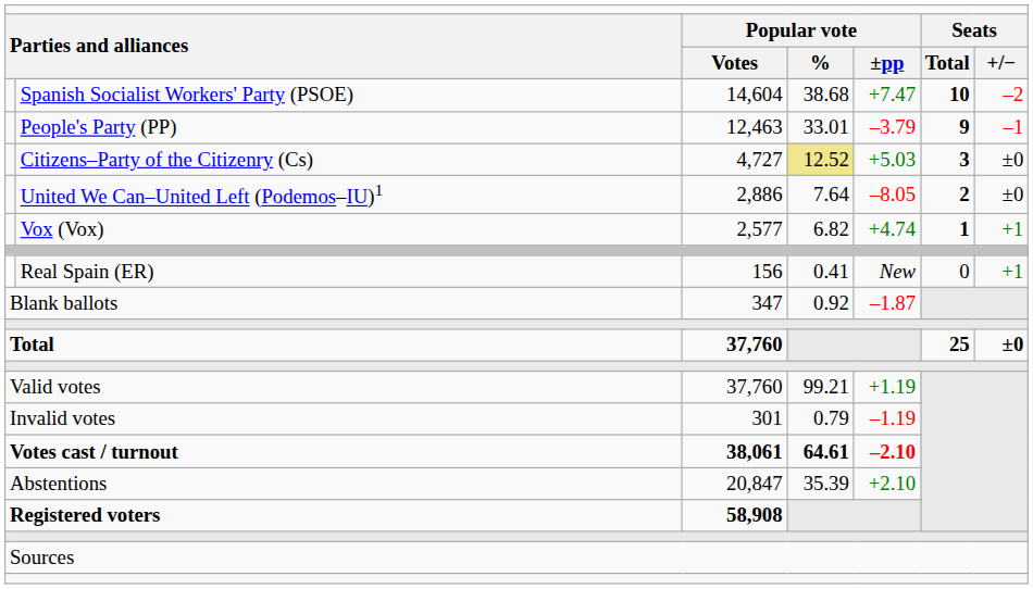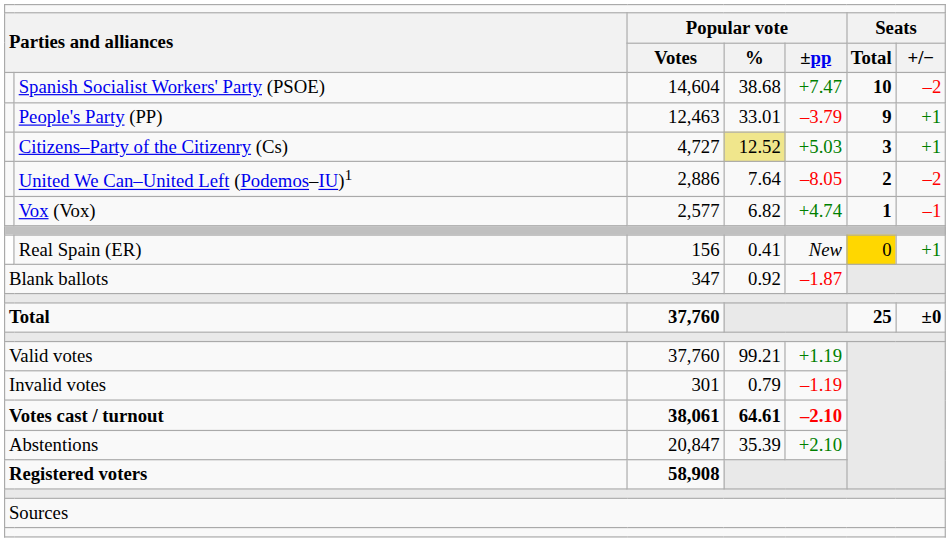 <table class="wikitable" style="text-align:right;">
 <tr>
 <td colspan="7"></td>
 </tr>
 <tr>
 <th style="text-align:left;" rowspan="2" colspan="2" width="525">Parties and alliances</th>
 <th colspan="3">Popular vote</th>
 <th colspan="2">Seats</th>
 </tr>
 <tr>
 <th width="75">Votes</th>
 <th width="45">%</th>
 <th width="45">±<a href='#'>pp</a></th>
 <th width="35">Total</th>
 <th width="35">+/−</th>
 </tr>
 <tr>
 <td width="1" style="color:inherit;background:"></td>
 <td align="left"><a href='#'>Spanish Socialist Workers' Party</a> (PSOE)</td>
 <td>14,604</td>
 <td>38.68</td>
 <td style="color:green;">+7.47</td>
 <td><strong>10</strong></td>
 <td style="color:red;">–2</td>
 </tr>
 <tr>
 <td style="color:inherit;background:"></td>
 <td align="left"><a href='#'>People's Party</a> (PP)</td>
 <td>12,463</td>
 <td>33.01</td>
 <td style="color:red;">–3.79</td>
 <td><strong>9</strong></td>
-<td style="color:red;">–1</td>
+<td style="color:green;">+1</td>
 </tr>
 <tr>
 <td style="color:inherit;background:"></td>
 <td align="left"><a href='#'>Citizens–Party of the Citizenry</a> (Cs)</td>
 <td>4,727</td>
 <td style="background: khaki;">12.52</td>
 <td style="color:green;">+5.03</td>
 <td><strong>3</strong></td>
-<td>±0</td>
+<td style="color:green;">+1</td>
 </tr>
 <tr>
 <td style="color:inherit;background:"></td>
 <td align="left"><a href='#'>United We Can–United Left</a> (<a href='#'>Podemos</a>–<a href='#'>IU</a>)<sup>1</sup></td>
 <td>2,886</td>
 <td>7.64</td>
 <td style="color:red;">–8.05</td>
 <td><strong>2</strong></td>
-<td>±0</td>
+<td style="color:red;">–2</td>
 </tr>
 <tr>
 <td style="color:inherit;background:"></td>
 <td align="left"><a href='#'>Vox</a> (Vox)</td>
 <td>2,577</td>
 <td>6.82</td>
 <td style="color:green;">+4.74</td>
 <td><strong>1</strong></td>
-<td style="color:green;">+1</td>
+<td style="color:red;">–1</td>
 </tr>
 <tr>
 <td colspan="7" bgcolor="#C0C0C0"></td>
 </tr>
 <tr>
 <td bgcolor="white"></td>
 <td align="left">Real Spain (ER)</td>
 <td>156</td>
 <td>0.41</td>
 <td><em>New</em></td>
-<td>0</td>
+<td style="background: gold;">0</td>
 <td style="color:green;">+1</td>
 </tr>
 <tr>
 <td align="left" colspan="2">Blank ballots</td>
 <td>347</td>
 <td>0.92</td>
 <td style="color:red;">–1.87</td>
 <td bgcolor="#E9E9E9" colspan="2"></td>
 </tr>
 <tr>
 <td colspan="7" bgcolor="#E9E9E9"></td>
 </tr>
 <tr style="font-weight:bold;">
 <td align="left" colspan="2">Total</td>
 <td>37,760</td>
 <td bgcolor="#E9E9E9" colspan="2"></td>
 <td>25</td>
 <td>±0</td>
 </tr>
 <tr>
 <td colspan="7" bgcolor="#E9E9E9"></td>
 </tr>
 <tr>
 <td align="left" colspan="2">Valid votes</td>
 <td>37,760</td>
 <td>99.21</td>
 <td style="color:green;">+1.19</td>
 <td bgcolor="#E9E9E9" colspan="2" rowspan="5"></td>
 </tr>
 <tr>
 <td align="left" colspan="2">Invalid votes</td>
 <td>301</td>
 <td>0.79</td>
 <td style="color:red;">–1.19</td>
 </tr>
 <tr style="font-weight:bold;">
 <td align="left" colspan="2">Votes cast / turnout</td>
 <td>38,061</td>
 <td>64.61</td>
 <td style="color:red;">–2.10</td>
 </tr>
 <tr>
 <td align="left" colspan="2">Abstentions</td>
 <td>20,847</td>
 <td>35.39</td>
 <td style="color:green;">+2.10</td>
 </tr>
 <tr style="font-weight:bold;">
 <td align="left" colspan="2">Registered voters</td>
 <td>58,908</td>
 <td bgcolor="#E9E9E9" colspan="2"></td>
 </tr>
 <tr>
 <td colspan="7" bgcolor="#E9E9E9"></td>
 </tr>
 <tr>
 <td align="left" colspan="7">Sources</td>
 </tr>
 <tr>
 <td colspan="7" style="text-align:left; max-width:790px;"></td>
 </tr>
 </table>
